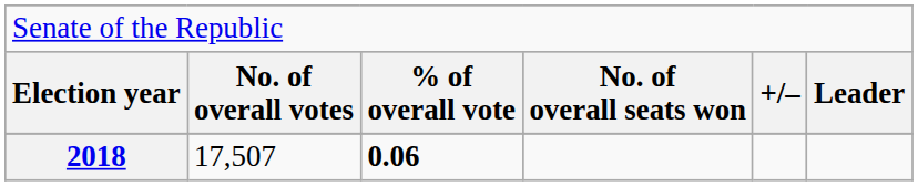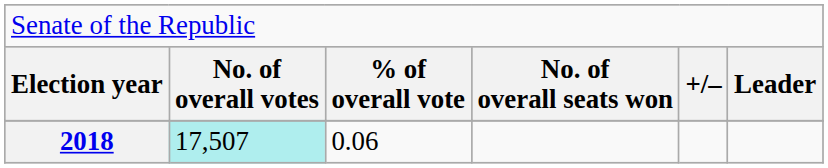 <table class="wikitable">
 <tr>
 <td colspan="7"><a href='#'>Senate of the Republic</a></td>
 </tr>
 <tr>
 <th>Election year</th>
 <th>No. of<br>overall votes</th>
 <th>% of<br>overall vote</th>
 <th>No. of<br>overall seats won</th>
 <th>+/–</th>
 <th>Leader</th>
 </tr>
 <tr>
 </tr>
 <tr>
 <th><a href='#'>2018</a></th>
-<td>17,507</td>
-<td><strong>0.06</strong></td>
+<td style="background: paleturquoise;">17,507</td>
+<td>0.06</td>
 <td></td>
 <td></td>
 <td></td>
 </tr>
 </table>
